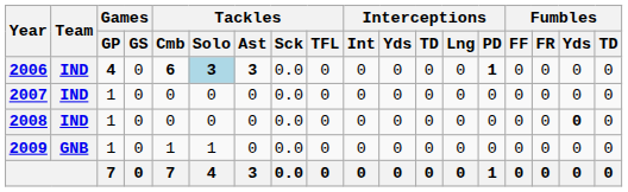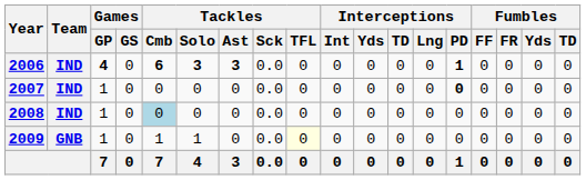 <table class="wikitable" style="text-align:center">
 <tr>
 <th rowspan="2">Year</th>
 <th rowspan="2">Team</th>
 <th colspan="2">Games</th>
 <th colspan="5">Tackles</th>
 <th colspan="5">Interceptions</th>
 <th colspan="4">Fumbles</th>
 </tr>
 <tr>
 <th>GP</th>
 <th>GS</th>
 <th>Cmb</th>
 <th>Solo</th>
 <th>Ast</th>
 <th>Sck</th>
 <th>TFL</th>
 <th>Int</th>
 <th>Yds</th>
 <th>TD</th>
 <th>Lng</th>
 <th>PD</th>
 <th>FF</th>
 <th>FR</th>
 <th>Yds</th>
 <th>TD</th>
 </tr>
 <tr>
 <th><a href='#'>2006</a></th>
 <th><a href='#'>IND</a></th>
 <td><strong>4</strong></td>
 <td>0</td>
 <td><strong>6</strong></td>
-<td style="background: lightblue;"><strong>3</strong></td>
+<td><strong>3</strong></td>
 <td><strong>3</strong></td>
 <td>0.0</td>
 <td>0</td>
 <td>0</td>
 <td>0</td>
 <td>0</td>
 <td>0</td>
 <td><strong>1</strong></td>
 <td>0</td>
 <td>0</td>
 <td>0</td>
 <td>0</td>
 </tr>
 <tr>
 <th><a href='#'>2007</a></th>
 <th><a href='#'>IND</a></th>
 <td>1</td>
 <td>0</td>
 <td>0</td>
 <td>0</td>
 <td>0</td>
 <td>0.0</td>
 <td>0</td>
 <td>0</td>
 <td>0</td>
 <td>0</td>
 <td>0</td>
-<td>0</td>
+<td><strong>0</strong></td>
 <td>0</td>
 <td>0</td>
 <td>0</td>
 <td>0</td>
 </tr>
 <tr>
 <th><a href='#'>2008</a></th>
 <th><a href='#'>IND</a></th>
 <td>1</td>
 <td>0</td>
-<td>0</td>
+<td style="background: lightblue;">0</td>
 <td>0</td>
 <td>0</td>
 <td>0.0</td>
 <td>0</td>
 <td>0</td>
 <td>0</td>
 <td>0</td>
 <td>0</td>
 <td>0</td>
 <td>0</td>
 <td>0</td>
-<td><strong>0</strong></td>
+<td>0</td>
 <td>0</td>
 </tr>
 <tr>
 <th><a href='#'>2009</a></th>
 <th><a href='#'>GNB</a></th>
 <td>1</td>
 <td>0</td>
 <td>1</td>
 <td>1</td>
 <td>0</td>
 <td>0.0</td>
-<td>0</td>
+<td style="background: lightyellow;">0</td>
 <td>0</td>
 <td>0</td>
 <td>0</td>
 <td>0</td>
 <td>0</td>
 <td>0</td>
 <td>0</td>
 <td>0</td>
 <td>0</td>
 </tr>
 <tr>
 <th colspan="2"></th>
 <th>7</th>
 <th>0</th>
 <th>7</th>
 <th>4</th>
 <th>3</th>
 <th>0.0</th>
 <th>0</th>
 <th>0</th>
 <th>0</th>
 <th>0</th>
 <th>0</th>
 <th>1</th>
 <th>0</th>
 <th>0</th>
 <th>0</th>
 <th>0</th>
 </tr>
 </table>
